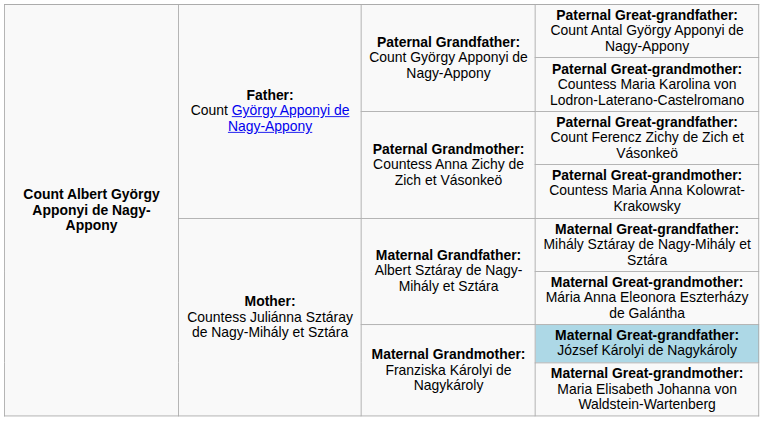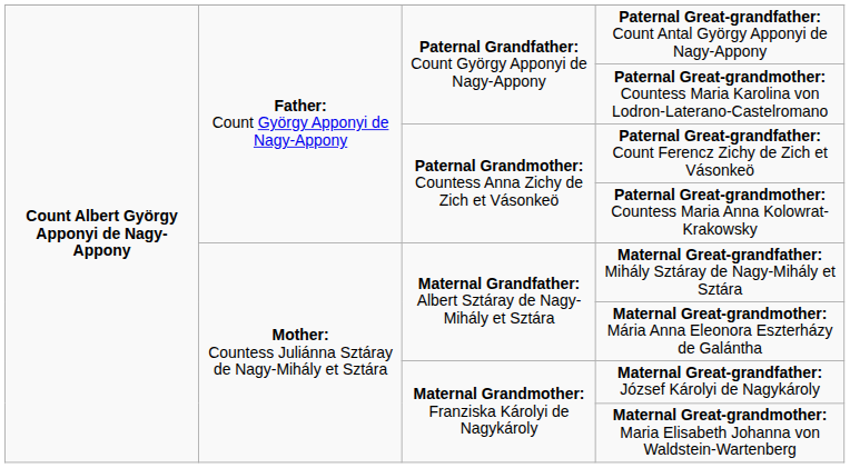 <table class="wikitable">
 <tr>
 </tr>
 <tr>
 <td rowspan="8" align="center"><strong>Count Albert György Apponyi de Nagy-Appony</strong></td>
 <td rowspan="4" align="center"><strong>Father:</strong><br>Count <a href='#'>György Apponyi de Nagy-Appony</a></td>
 <td rowspan="2" align="center"><strong>Paternal Grandfather:</strong><br>Count György Apponyi de Nagy-Appony</td>
 <td align="center"><strong>Paternal Great-grandfather:</strong><br>Count Antal György Apponyi de Nagy-Appony</td>
 </tr>
 <tr>
 <td align="center"><strong>Paternal Great-grandmother:</strong><br>Countess Maria Karolina von Lodron-Laterano-Castelromano</td>
 </tr>
 <tr>
 <td rowspan="2" align="center"><strong>Paternal Grandmother:</strong><br>Countess Anna Zichy de Zich et Vásonkeö</td>
 <td align="center"><strong>Paternal Great-grandfather:</strong><br>Count Ferencz Zichy de Zich et Vásonkeö</td>
 </tr>
 <tr>
 <td align="center"><strong>Paternal Great-grandmother:</strong><br>Countess Maria Anna Kolowrat-Krakowsky</td>
 </tr>
 <tr>
 <td rowspan="4" align="center"><strong>Mother:</strong><br>Countess Juliánna Sztáray de Nagy-Mihály et Sztára</td>
 <td rowspan="2" align="center"><strong>Maternal Grandfather:</strong><br>Albert Sztáray de Nagy-Mihály et Sztára</td>
 <td align="center"><strong>Maternal Great-grandfather:</strong><br>Mihály Sztáray de Nagy-Mihály et Sztára</td>
 </tr>
 <tr>
 <td align="center"><strong>Maternal Great-grandmother:</strong><br>Mária Anna Eleonora Eszterházy de Galántha</td>
 </tr>
 <tr>
 <td rowspan="2" align="center"><strong>Maternal Grandmother:</strong><br>Franziska Károlyi de Nagykároly</td>
-<td align="center" style="background: lightblue;"><strong>Maternal Great-grandfather:</strong><br>József Károlyi de Nagykároly</td>
+<td align="center"><strong>Maternal Great-grandfather:</strong><br>József Károlyi de Nagykároly</td>
 </tr>
 <tr>
 <td align="center"><strong>Maternal Great-grandmother:</strong><br>Maria Elisabeth Johanna von Waldstein-Wartenberg</td>
 </tr>
 </table>
